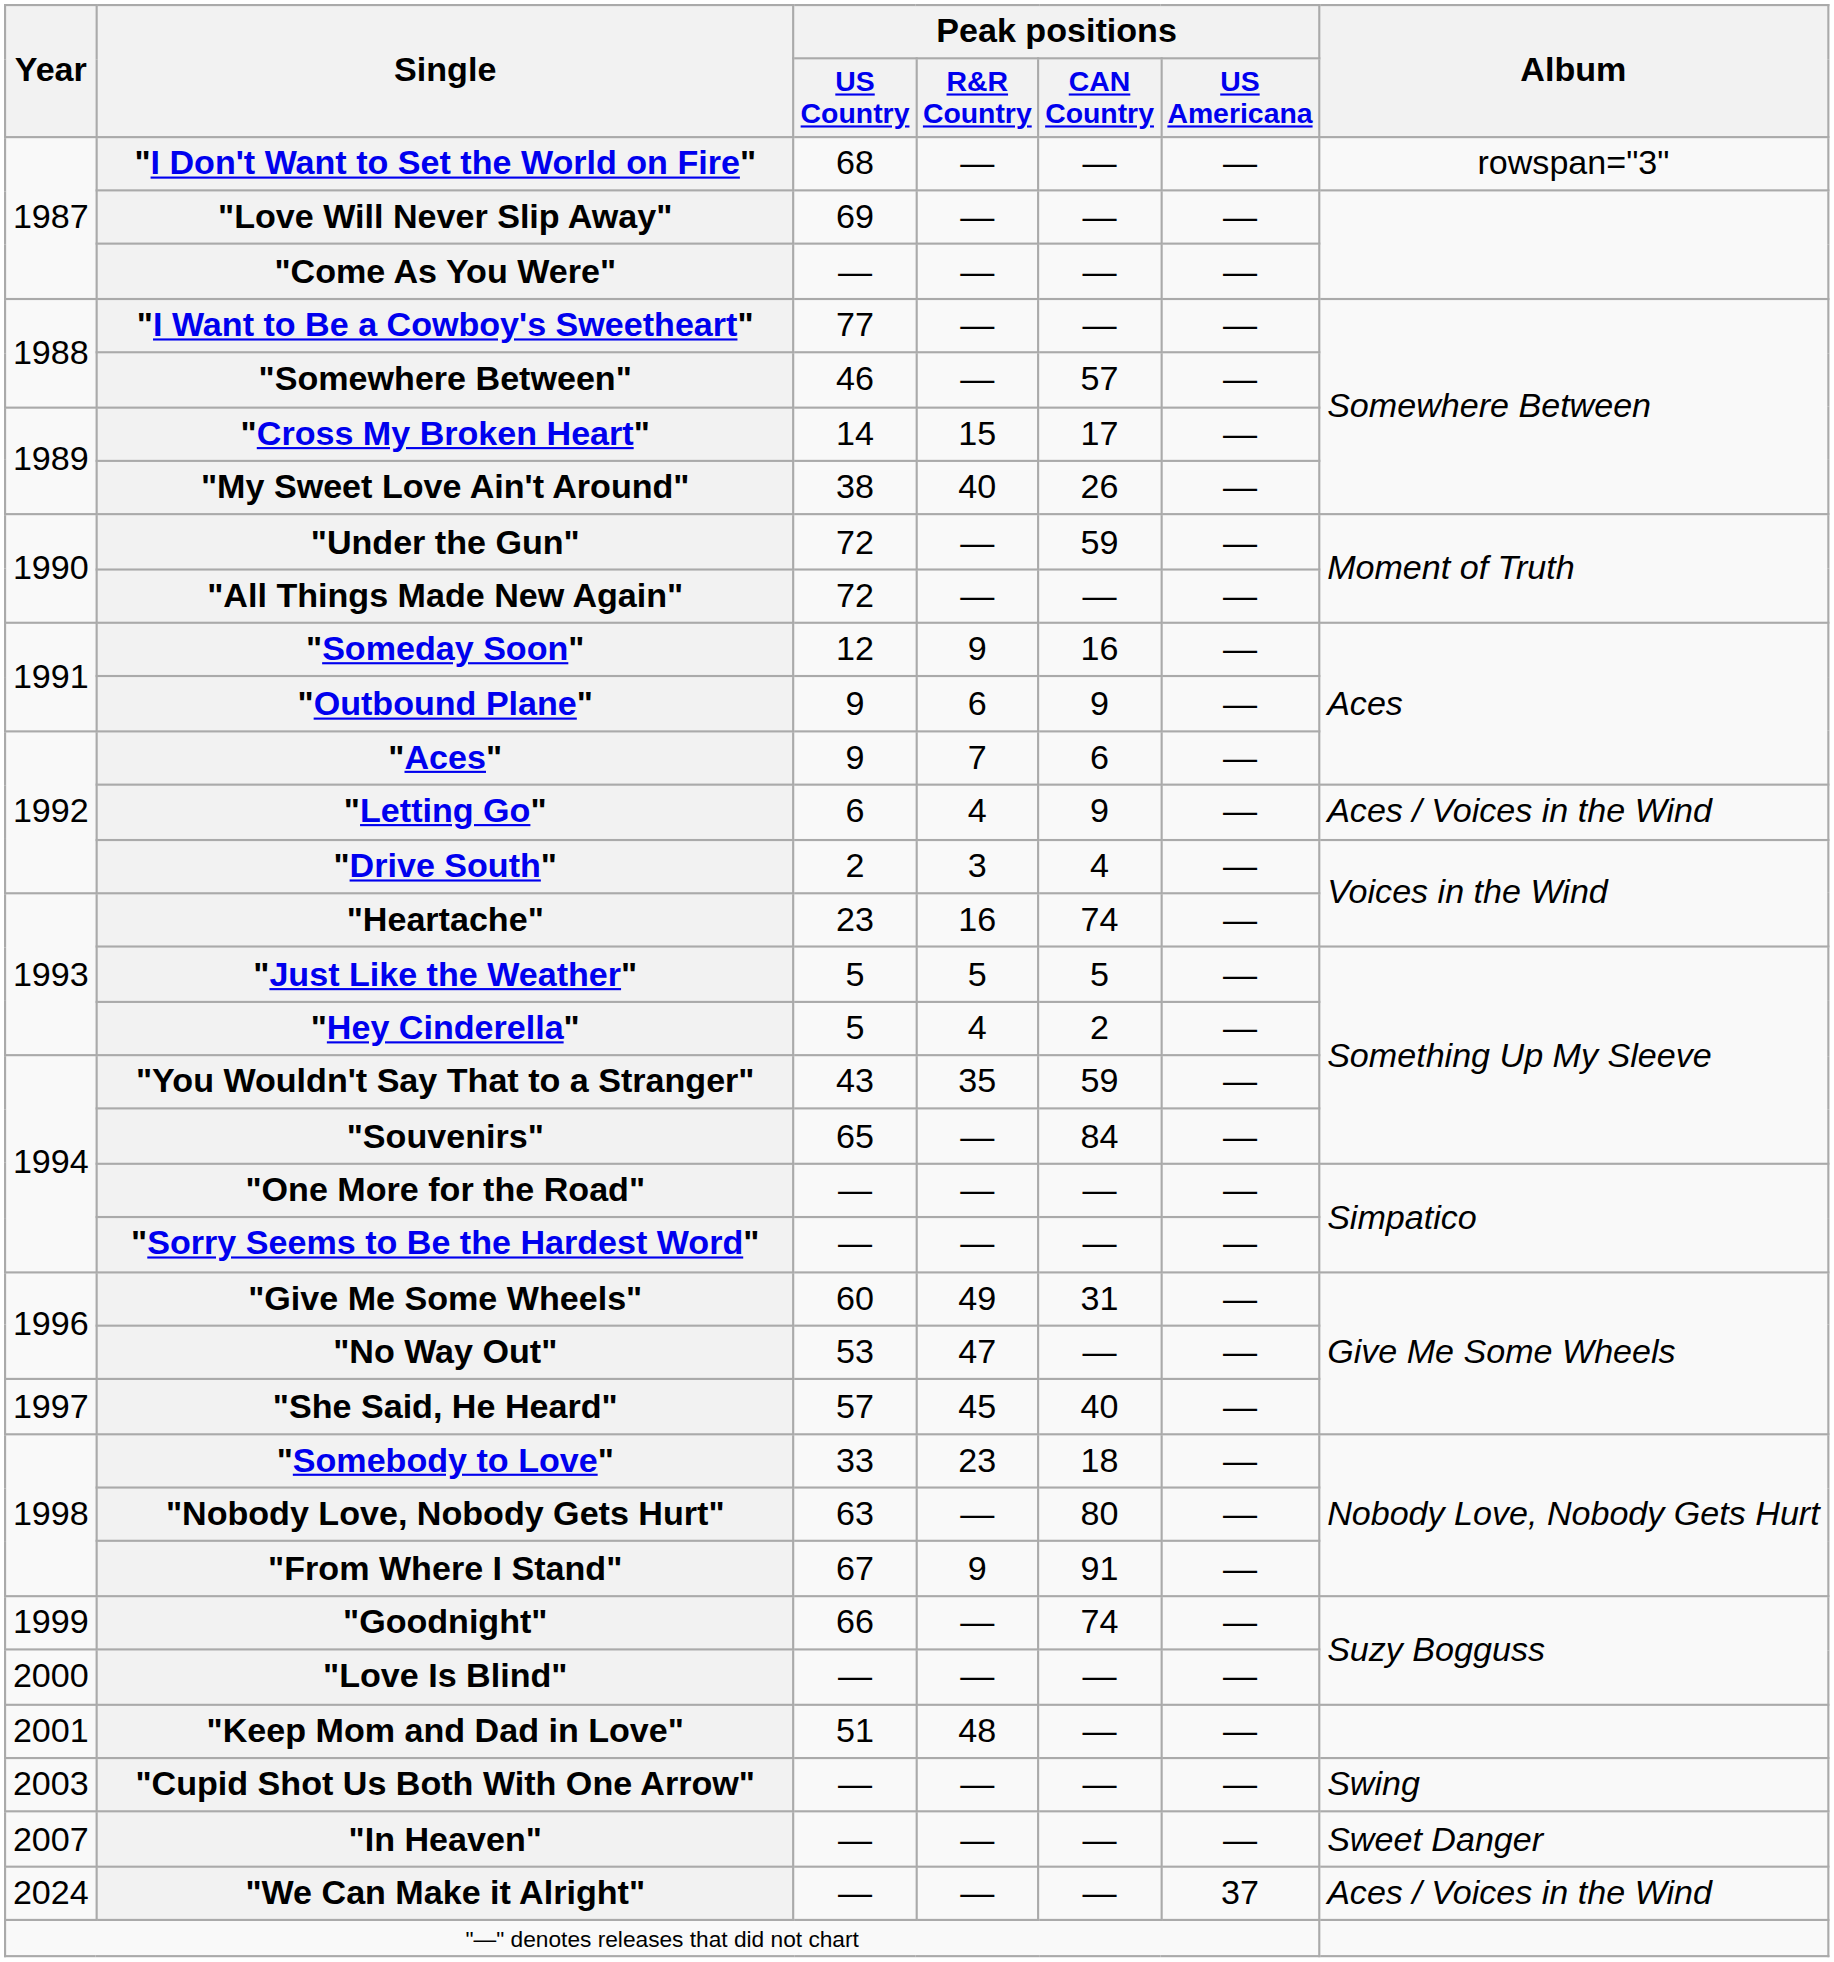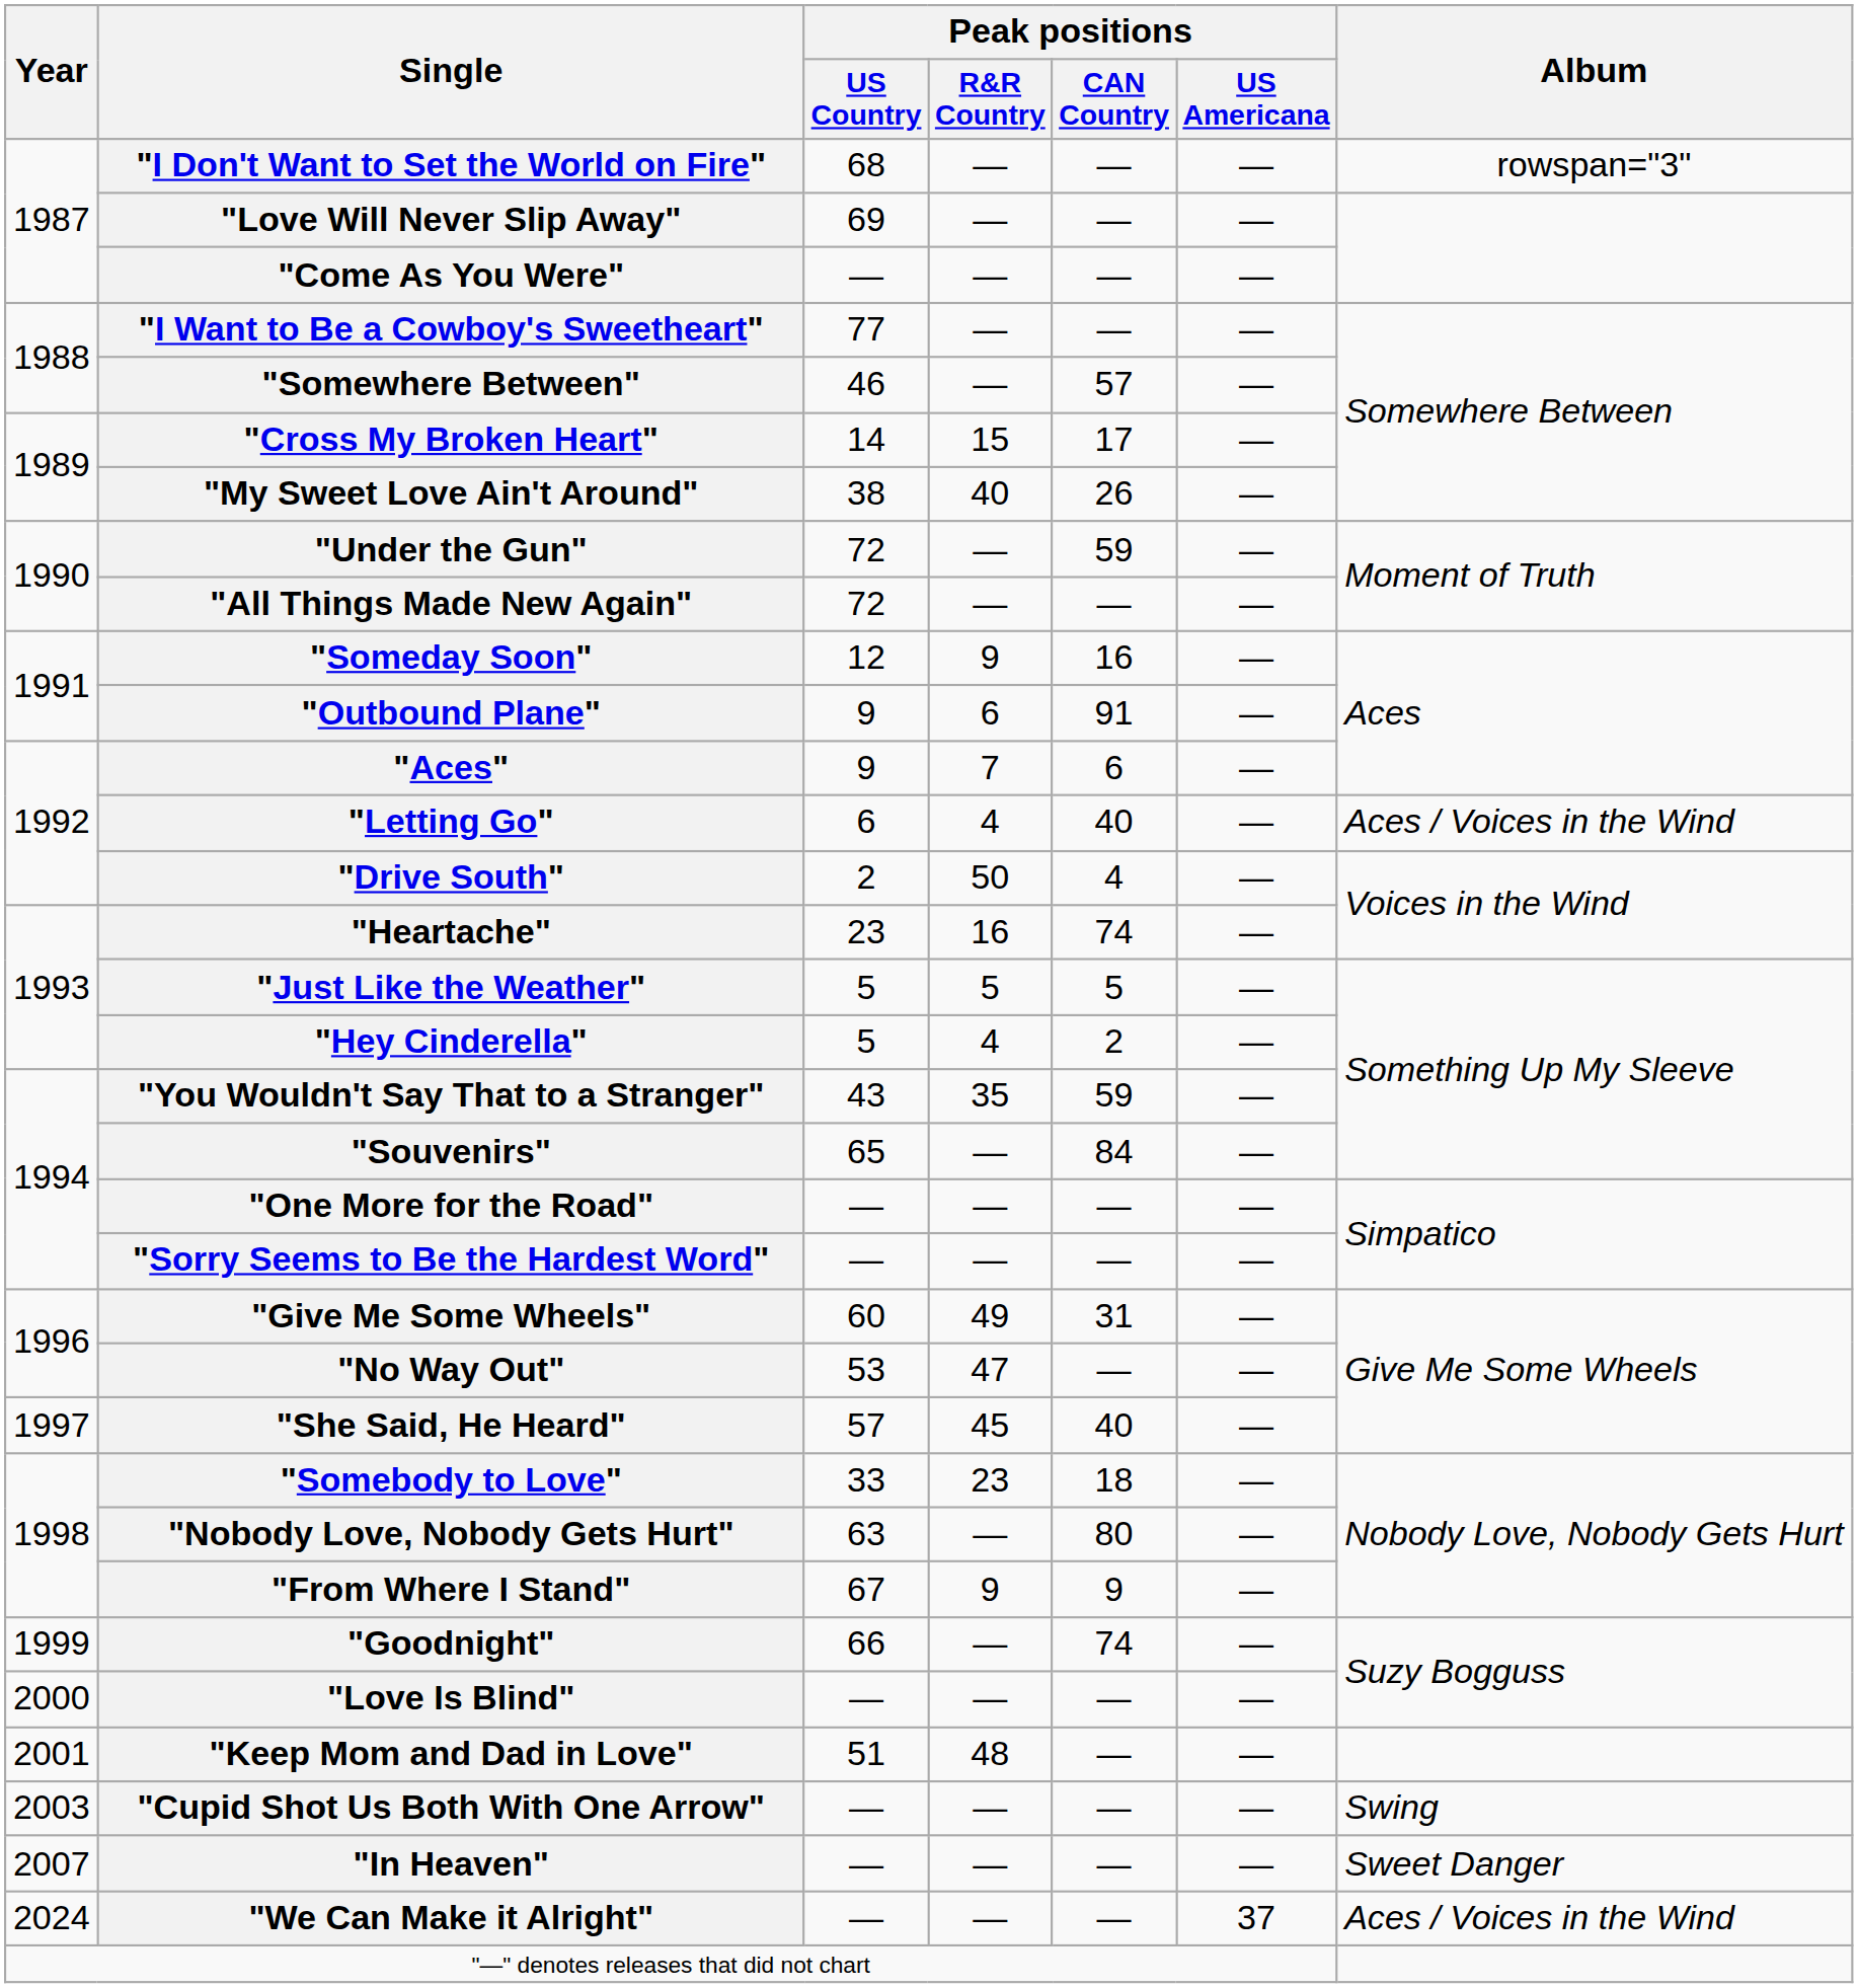 <table class="wikitable plainrowheaders" style="text-align:center;">
 <tr>
 <th rowspan="2">Year</th>
 <th rowspan="2" style="width:20em;">Single</th>
 <th colspan="4">Peak positions</th>
 <th rowspan="2">Album</th>
 </tr>
 <tr style="font-size:smaller;">
 <th width="40"><a href='#'>US Country</a><br></th>
 <th width="40"><a href='#'>R&R Country</a><br></th>
 <th width="40"><a href='#'>CAN Country</a><br></th>
 <th width="40"><a href='#'>US Americana</a><br></th>
 </tr>
 <tr>
 <td rowspan="3">1987</td>
 <th scope="row">"<a href='#'>I Don't Want to Set the World on Fire</a>"</th>
 <td>68</td>
 <td>—</td>
 <td>—</td>
 <td>—</td>
 <td>rowspan="3" </td>
 </tr>
 <tr>
 <th scope="row">"Love Will Never Slip Away"</th>
 <td>69</td>
 <td>—</td>
 <td>—</td>
 <td>—</td>
 </tr>
 <tr>
 <th scope="row">"Come As You Were"</th>
 <td>—</td>
 <td>—</td>
 <td>—</td>
 <td>—</td>
 </tr>
 <tr>
 <td rowspan="2">1988</td>
 <th scope="row">"<a href='#'>I Want to Be a Cowboy's Sweetheart</a>"</th>
 <td>77</td>
 <td>—</td>
 <td>—</td>
 <td>—</td>
 <td align="left" rowspan="4"><em>Somewhere Between</em></td>
 </tr>
 <tr>
 <th scope="row">"Somewhere Between"</th>
 <td>46</td>
 <td>—</td>
 <td>57</td>
 <td>—</td>
 </tr>
 <tr>
 <td rowspan="2">1989</td>
 <th scope="row">"<a href='#'>Cross My Broken Heart</a>"</th>
 <td>14</td>
 <td>15</td>
 <td>17</td>
 <td>—</td>
 </tr>
 <tr>
 <th scope="row">"My Sweet Love Ain't Around"</th>
 <td>38</td>
 <td>40</td>
 <td>26</td>
 <td>—</td>
 </tr>
 <tr>
 <td rowspan="2">1990</td>
 <th scope="row">"Under the Gun"</th>
 <td>72</td>
 <td>—</td>
 <td>59</td>
 <td>—</td>
 <td align="left" rowspan="2"><em>Moment of Truth</em></td>
 </tr>
 <tr>
 <th scope="row">"All Things Made New Again"</th>
 <td>72</td>
 <td>—</td>
 <td>—</td>
 <td>—</td>
 </tr>
 <tr>
 <td rowspan="2">1991</td>
 <th scope="row">"<a href='#'>Someday Soon</a>"</th>
 <td>12</td>
 <td>9</td>
 <td>16</td>
 <td>—</td>
 <td align="left" rowspan="3"><em>Aces</em></td>
 </tr>
 <tr>
 <th scope="row">"<a href='#'>Outbound Plane</a>"</th>
 <td>9</td>
 <td>6</td>
-<td>9</td>
+<td>91</td>
 <td>—</td>
 </tr>
 <tr>
 <td rowspan="3">1992</td>
 <th scope="row">"<a href='#'>Aces</a>"</th>
 <td>9</td>
 <td>7</td>
 <td>6</td>
 <td>—</td>
 </tr>
 <tr>
 <th scope="row">"<a href='#'>Letting Go</a>"</th>
 <td>6</td>
 <td>4</td>
-<td>9</td>
+<td>40</td>
 <td>—</td>
 <td align="left" rowspan="1"><em>Aces / Voices in the Wind</em></td>
 </tr>
 <tr>
 <th scope="row">"<a href='#'>Drive South</a>"</th>
 <td>2</td>
-<td>3</td>
+<td>50</td>
 <td>4</td>
 <td>—</td>
 <td align="left" rowspan="2"><em>Voices in the Wind</em></td>
 </tr>
 <tr>
 <td rowspan="3">1993</td>
 <th scope="row">"Heartache"</th>
 <td>23</td>
 <td>16</td>
 <td>74</td>
 <td>—</td>
 </tr>
 <tr>
 <th scope="row">"<a href='#'>Just Like the Weather</a>"</th>
 <td>5</td>
 <td>5</td>
 <td>5</td>
 <td>—</td>
 <td align="left" rowspan="4"><em>Something Up My Sleeve</em></td>
 </tr>
 <tr>
 <th scope="row">"<a href='#'>Hey Cinderella</a>"</th>
 <td>5</td>
 <td>4</td>
 <td>2</td>
 <td>—</td>
 </tr>
 <tr>
 <td rowspan="4">1994</td>
 <th scope="row">"You Wouldn't Say That to a Stranger"</th>
 <td>43</td>
 <td>35</td>
 <td>59</td>
 <td>—</td>
 </tr>
 <tr>
 <th scope="row">"Souvenirs"</th>
 <td>65</td>
 <td>—</td>
 <td>84</td>
 <td>—</td>
 </tr>
 <tr>
 <th scope="row">"One More for the Road" </th>
 <td>—</td>
 <td>—</td>
 <td>—</td>
 <td>—</td>
 <td align="left" rowspan="2"><em>Simpatico</em></td>
 </tr>
 <tr>
 <th scope="row">"<a href='#'>Sorry Seems to Be the Hardest Word</a>"<br></th>
 <td>—</td>
 <td>—</td>
 <td>—</td>
 <td>—</td>
 </tr>
 <tr>
 <td rowspan="2">1996</td>
 <th scope="row">"Give Me Some Wheels"</th>
 <td>60</td>
 <td>49</td>
 <td>31</td>
 <td>—</td>
 <td align="left" rowspan="3"><em>Give Me Some Wheels</em></td>
 </tr>
 <tr>
 <th scope="row">"No Way Out"</th>
 <td>53</td>
 <td>47</td>
 <td>—</td>
 <td>—</td>
 </tr>
 <tr>
 <td>1997</td>
 <th scope="row">"She Said, He Heard"</th>
 <td>57</td>
 <td>45</td>
 <td>40</td>
 <td>—</td>
 </tr>
 <tr>
 <td rowspan="3">1998</td>
 <th scope="row">"<a href='#'>Somebody to Love</a>"</th>
 <td>33</td>
 <td>23</td>
 <td>18</td>
 <td>—</td>
 <td align="left" rowspan="3"><em>Nobody Love, Nobody Gets Hurt</em></td>
 </tr>
 <tr>
 <th scope="row">"Nobody Love, Nobody Gets Hurt"</th>
 <td>63</td>
 <td>—</td>
 <td>80</td>
 <td>—</td>
 </tr>
 <tr>
 <th scope="row">"From Where I Stand"</th>
 <td>67</td>
 <td>9</td>
-<td>91</td>
+<td>9</td>
 <td>—</td>
 </tr>
 <tr>
 <td>1999</td>
 <th scope="row">"Goodnight"</th>
 <td>66</td>
 <td>—</td>
 <td>74</td>
 <td>—</td>
 <td rowspan="2" align="left"><em>Suzy Bogguss</em></td>
 </tr>
 <tr>
 <td>2000</td>
 <th scope="row">"Love Is Blind" </th>
 <td>—</td>
 <td>—</td>
 <td>—</td>
 <td>—</td>
 </tr>
 <tr>
 <td>2001</td>
 <th scope="row">"Keep Mom and Dad in Love"<br></th>
 <td>51</td>
 <td>48</td>
 <td>—</td>
 <td>—</td>
 <td></td>
 </tr>
 <tr>
 <td>2003</td>
 <th scope="row">"Cupid Shot Us Both With One Arrow"</th>
 <td>—</td>
 <td>—</td>
 <td>—</td>
 <td>—</td>
 <td align="left"><em>Swing</em></td>
 </tr>
 <tr>
 <td>2007</td>
 <th scope="row">"In Heaven"</th>
 <td>—</td>
 <td>—</td>
 <td>—</td>
 <td>—</td>
 <td align="left"><em>Sweet Danger</em></td>
 </tr>
 <tr>
 <td>2024</td>
 <th scope="row">"We Can Make it Alright"</th>
 <td>—</td>
 <td>—</td>
 <td>—</td>
 <td>37</td>
 <td align="left" rowspan="1"><em>Aces / Voices in the Wind</em></td>
 </tr>
 <tr>
 <td colspan="6" style="font-size:8pt">"—" denotes releases that did not chart</td>
 </tr>
 </table>
